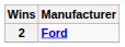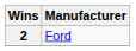 <table class="wikitable" style="font-size: 95%;">
 <tr>
 <th>Wins</th>
 <th>Manufacturer</th>
 </tr>
 <tr>
 <th>2</th>
-<td><strong><a href='#'>Ford</a></strong></td>
+<td><a href='#'>Ford</a></td>
 </tr>
 <tr>
 </tr>
 </table>
